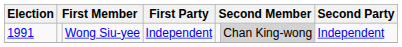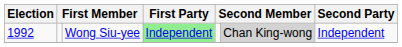 <table class="wikitable">
 <tr>
 <th>Election</th>
 <th colspan="2">First Member</th>
 <th>First Party</th>
 <th colspan="2">Second Member</th>
 <th>Second Party</th>
 </tr>
 <tr>
-<td><a href='#'>1991</a></td>
+<td><a href='#'>1992</a></td>
 <td style="background-color:"></td>
 <td><a href='#'>Wong Siu-yee</a></td>
-<td><a href='#'>Independent</a></td>
+<td style="background: lightgreen;"><a href='#'>Independent</a></td>
 <td style="background-color:"></td>
 <td style="background: lightgrey;">Chan King-wong</td>
 <td><a href='#'>Independent</a></td>
 </tr>
 <tr>
 </tr>
 </table>
